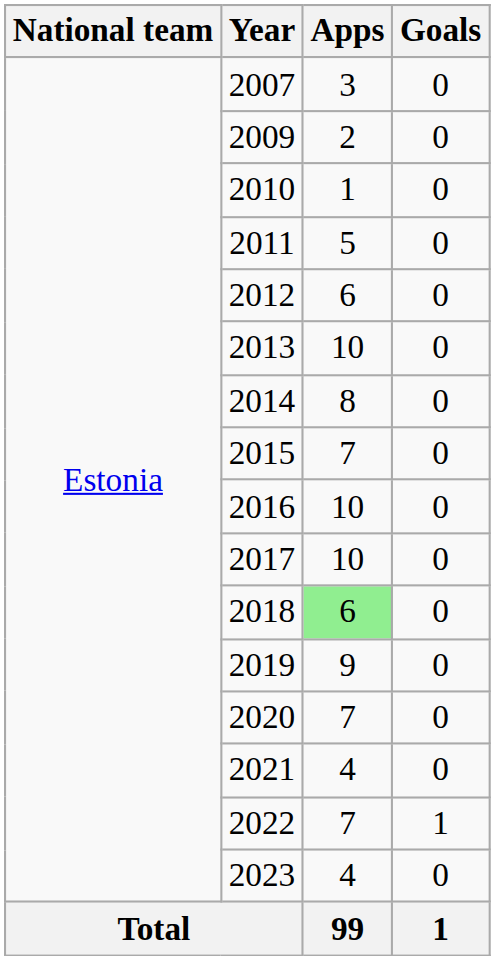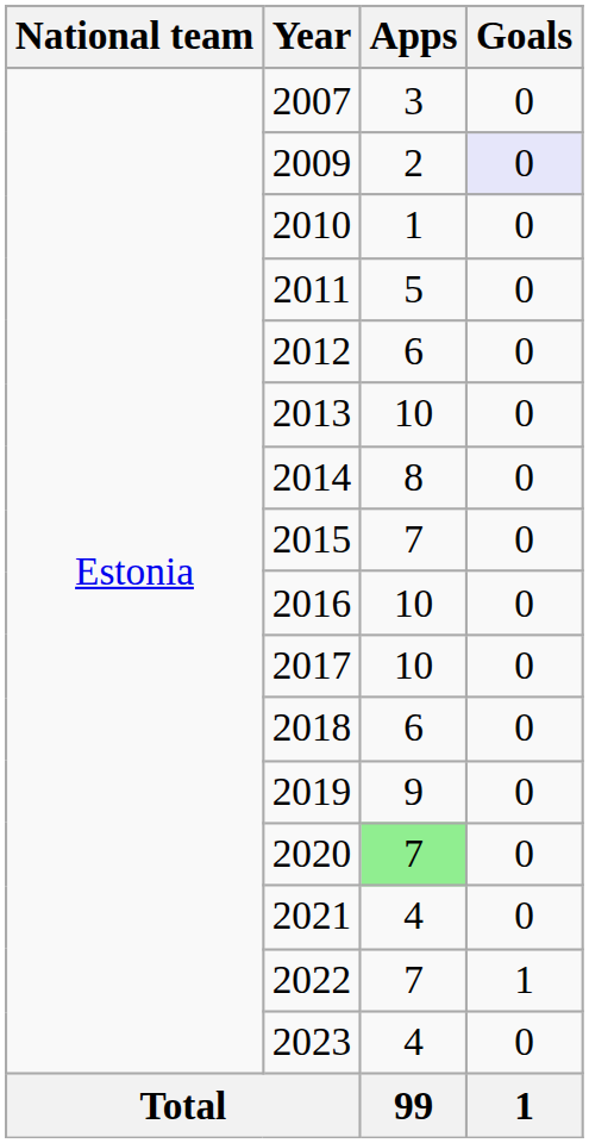 <table class=wikitable style="text-align: center;">
 <tr>
 <th>National team</th>
 <th>Year</th>
 <th>Apps</th>
 <th>Goals</th>
 </tr>
 <tr>
 <td rowspan=16><a href='#'>Estonia</a></td>
 <td>2007</td>
 <td>3</td>
 <td>0</td>
 </tr>
 <tr>
 <td>2009</td>
 <td>2</td>
-<td>0</td>
+<td style="background: lavender;">0</td>
 </tr>
 <tr>
 <td>2010</td>
 <td>1</td>
 <td>0</td>
 </tr>
 <tr>
 <td>2011</td>
 <td>5</td>
 <td>0</td>
 </tr>
 <tr>
 <td>2012</td>
 <td>6</td>
 <td>0</td>
 </tr>
 <tr>
 <td>2013</td>
 <td>10</td>
 <td>0</td>
 </tr>
 <tr>
 <td>2014</td>
 <td>8</td>
 <td>0</td>
 </tr>
 <tr>
 <td>2015</td>
 <td>7</td>
 <td>0</td>
 </tr>
 <tr>
 <td>2016</td>
 <td>10</td>
 <td>0</td>
 </tr>
 <tr>
 <td>2017</td>
 <td>10</td>
 <td>0</td>
 </tr>
 <tr>
 <td>2018</td>
-<td style="background: lightgreen;">6</td>
+<td>6</td>
 <td>0</td>
 </tr>
 <tr>
 <td>2019</td>
 <td>9</td>
 <td>0</td>
 </tr>
 <tr>
 <td>2020</td>
-<td>7</td>
+<td style="background: lightgreen;">7</td>
 <td>0</td>
 </tr>
 <tr>
 <td>2021</td>
 <td>4</td>
 <td>0</td>
 </tr>
 <tr>
 <td>2022</td>
 <td>7</td>
 <td>1</td>
 </tr>
 <tr>
 <td>2023</td>
 <td>4</td>
 <td>0</td>
 </tr>
 <tr>
 <th colspan=2>Total</th>
 <th>99</th>
 <th>1</th>
 </tr>
 </table>
